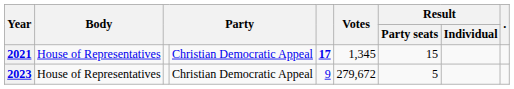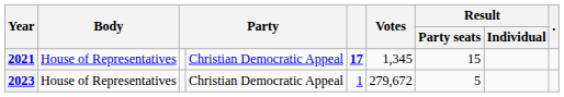 <table class="wikitable plainrowheaders sortable" border=2 cellpadding=4 cellspacing=0 style="border: 1px #aaa solid; font-size: 90%; text-align:center;">
 <tr>
 <th scope="col" rowspan=2>Year</th>
 <th scope="col" rowspan=2>Body</th>
 <th scope="col" colspan=2 rowspan=2>Party</th>
 <th scope="col" rowspan=2></th>
 <th scope="col" rowspan=2>Votes</th>
 <th scope="colgroup" colspan=2>Result</th>
 <th scope="col" rowspan=2 class="unsortable">.</th>
 </tr>
 <tr>
 <th scope="col">Party seats</th>
 <th scope="col">Individual</th>
 </tr>
 <tr>
 <th scope="row"><a href='#'>2021</a></th>
 <td><a href='#'>House of Representatives</a></td>
 <td style="background-color:"></td>
 <td><a href='#'>Christian Democratic Appeal</a></td>
 <td style=text-align:right><strong><a href='#'>17</a></strong></td>
 <td style=text-align:right>1,345</td>
 <td style=text-align:right>15</td>
 <td></td>
 <td></td>
 </tr>
 <tr>
 <th scope="row"><a href='#'>2023</a></th>
 <td>House of Representatives</td>
 <td style="background-color:"></td>
 <td>Christian Democratic Appeal</td>
-<td style=text-align:right><a href='#'>9</a></td>
+<td style=text-align:right><a href='#'>1</a></td>
 <td style=text-align:right>279,672</td>
 <td style=text-align:right>5</td>
 <td></td>
 <td></td>
 </tr>
 </table>
